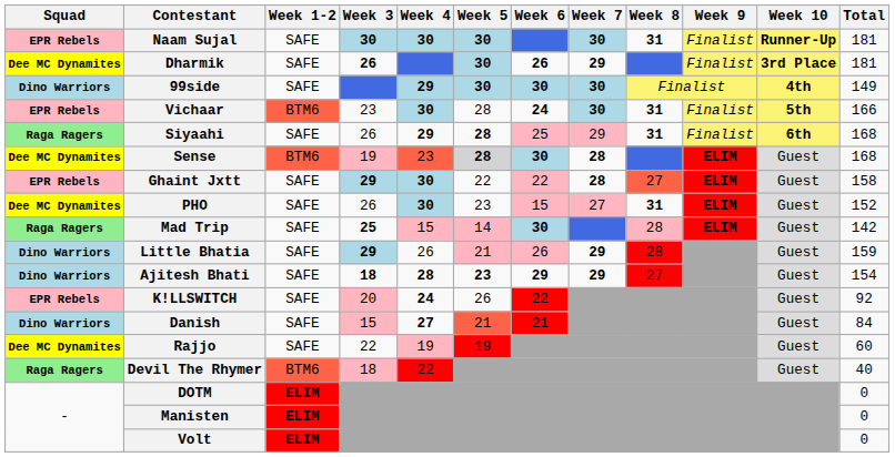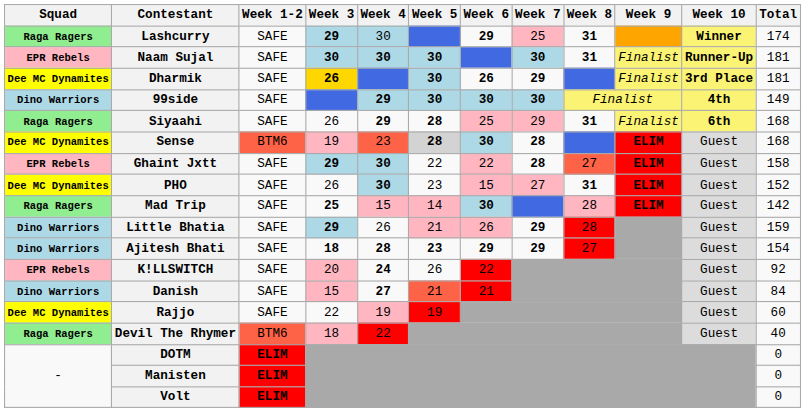 <table class="wikitable sortable" style="text-align:center; font-size:90%">
 <tr>
 <th>Squad</th>
 <th>Contestant</th>
 <th>Week 1-2</th>
 <th>Week 3</th>
 <th>Week 4</th>
 <th>Week 5</th>
 <th>Week 6</th>
 <th>Week 7</th>
 <th>Week 8</th>
 <th>Week 9</th>
 <th>Week 10</th>
 <th>Total</th>
+</tr>
+<tr>
+<td bgcolor="lightgreen"><strong><small>Raga Ragers</small></strong></td>
+<th>Lashcurry</th>
+<td>SAFE</td>
+<td bgcolor="lightblue"><strong>29</strong></td>
+<td bgcolor="lightblue">30</td>
+<td bgcolor="royalblue"><strong></strong></td>
+<td><strong>29</strong></td>
+<td bgcolor="lightpink">25</td>
+<td><strong>31</strong></td>
+<td bgcolor="orange"><strong></strong></td>
+<td bgcolor="fbf373"><strong>Winner</strong></td>
+<td>174</td>
 </tr>
 <tr>
 <td bgcolor="lightpink"><strong><small>EPR Rebels</small></strong></td>
 <th>Naam Sujal</th>
 <td>SAFE</td>
 <td bgcolor="lightblue"><strong>30</strong></td>
 <td bgcolor="lightblue"><strong>30</strong></td>
 <td bgcolor="lightblue"><strong>30</strong></td>
 <td bgcolor="royalblue"><strong></strong></td>
 <td bgcolor="lightblue"><strong>30</strong></td>
 <td><strong>31</strong></td>
 <td bgcolor="#fbf373"><em>Finalist</em></td>
 <td bgcolor="fbf373"><strong>Runner-Up</strong></td>
 <td>181</td>
 </tr>
 <tr>
 <td bgcolor="yellow"><strong><small>Dee MC Dynamites</small></strong></td>
 <th>Dharmik</th>
 <td>SAFE</td>
-<td><strong>26</strong></td>
+<td style="background: gold;"><strong>26</strong></td>
 <td bgcolor="royalblue"><strong></strong></td>
 <td bgcolor="lightblue"><strong>30</strong></td>
 <td><strong>26</strong></td>
 <td><strong>29</strong></td>
 <td bgcolor="royalblue"><strong></strong></td>
 <td bgcolor="fbf373"><em>Finalist</em></td>
 <td bgcolor="fbf373"><strong>3rd Place</strong></td>
 <td>181</td>
 </tr>
 <tr>
 <td bgcolor="lightblue"><strong><small>Dino Warriors</small></strong></td>
 <th>99side</th>
 <td>SAFE</td>
 <td bgcolor="royalblue"><strong></strong></td>
 <td bgcolor="lightblue"><strong>29</strong></td>
 <td bgcolor="lightblue"><strong>30</strong></td>
 <td bgcolor="lightblue"><strong>30</strong></td>
 <td bgcolor="lightblue"><strong>30</strong></td>
 <td colspan="2" bgcolor="fbf373"><em>Finalist</em></td>
 <td bgcolor="fbf373"><strong>4th</strong></td>
 <td>149</td>
-</tr>
-<tr>
-<td bgcolor="lightpink"><strong><small>EPR Rebels</small></strong></td>
-<th>Vichaar</th>
-<td bgcolor="tomato">BTM6</td>
-<td>23</td>
-<td bgcolor="lightblue"><strong>30</strong></td>
-<td>28</td>
-<td><strong>24</strong></td>
-<td bgcolor="lightblue"><strong>30</strong></td>
-<td><strong>31</strong></td>
-<td bgcolor="#fbf373"><em>Finalist</em></td>
-<td bgcolor="fbf373"><strong>5th</strong></td>
-<td>166</td>
 </tr>
 <tr>
 <td bgcolor="lightgreen"><strong><small>Raga Ragers</small></strong></td>
 <th>Siyaahi</th>
 <td>SAFE</td>
 <td>26</td>
 <td><strong>29</strong></td>
 <td><strong>28</strong></td>
 <td bgcolor="lightpink">25</td>
 <td bgcolor="lightpink">29</td>
 <td><strong>31</strong></td>
 <td bgcolor="#fbf373"><em>Finalist</em></td>
 <td bgcolor="fbf373"><strong>6th</strong></td>
 <td>168</td>
 </tr>
 <tr>
 <td bgcolor="yellow"><strong><small>Dee MC Dynamites</small></strong></td>
 <th>Sense</th>
 <td bgcolor="tomato">BTM6</td>
 <td bgcolor="lightpink">19</td>
 <td bgcolor="tomato">23</td>
 <td style="background: lightgrey;"><strong>28</strong></td>
 <td bgcolor="lightblue"><strong>30</strong></td>
 <td><strong>28</strong></td>
 <td bgcolor="royalblue"><strong></strong></td>
 <td bgcolor="red"><strong>ELIM</strong></td>
 <td bgcolor="Gainsboro">Guest</td>
 <td>168</td>
 </tr>
 <tr>
 <td bgcolor="lightpink"><strong><small>EPR Rebels</small></strong></td>
 <th>Ghaint Jxtt</th>
 <td>SAFE</td>
 <td bgcolor="lightblue"><strong>29</strong></td>
 <td bgcolor="lightblue"><strong>30</strong></td>
 <td>22</td>
 <td bgcolor="lightpink">22</td>
 <td><strong>28</strong></td>
 <td bgcolor="tomato">27</td>
 <td bgcolor="red"><strong>ELIM</strong></td>
 <td bgcolor="Gainsboro">Guest</td>
 <td>158</td>
 </tr>
 <tr>
 <td bgcolor="yellow"><strong><small>Dee MC Dynamites</small></strong></td>
 <th>PHO</th>
 <td>SAFE</td>
 <td>26</td>
 <td bgcolor="lightblue"><strong>30</strong></td>
 <td>23</td>
 <td bgcolor="lightpink">15</td>
 <td bgcolor="lightpink">27</td>
 <td><strong>31</strong></td>
 <td bgcolor="red"><strong>ELIM</strong></td>
 <td bgcolor="Gainsboro">Guest</td>
 <td>152</td>
 </tr>
 <tr>
 <td bgcolor="lightgreen"><strong><small>Raga Ragers</small></strong></td>
 <th>Mad Trip</th>
 <td>SAFE</td>
 <td><strong>25</strong></td>
 <td bgcolor="lightpink">15</td>
 <td bgcolor="lightpink">14</td>
 <td bgcolor="lightblue"><strong>30</strong></td>
 <td bgcolor="royalblue"><strong></strong></td>
 <td bgcolor="lightpink">28</td>
 <td bgcolor="red"><strong>ELIM</strong></td>
 <td bgcolor="Gainsboro">Guest</td>
 <td>142</td>
 </tr>
 <tr>
 <td bgcolor="lightblue"><strong><small>Dino Warriors</small></strong></td>
 <th>Little Bhatia</th>
 <td>SAFE</td>
 <td bgcolor="lightblue"><strong>29</strong></td>
 <td>26</td>
 <td bgcolor="lightpink">21</td>
 <td bgcolor="lightpink">26</td>
 <td><strong>29</strong></td>
 <td bgcolor="red">28</td>
 <td rowspan="2" bgcolor="darkgrey"></td>
 <td bgcolor="Gainsboro">Guest</td>
 <td>159</td>
 </tr>
 <tr>
 <td bgcolor="lightblue"><strong><small>Dino Warriors</small></strong></td>
 <th>Ajitesh Bhati</th>
 <td>SAFE</td>
 <td><strong>18</strong></td>
 <td><strong>28</strong></td>
 <td><strong>23</strong></td>
 <td><strong>29</strong></td>
 <td><strong>29</strong></td>
 <td bgcolor="red">27</td>
 <td bgcolor="Gainsboro">Guest</td>
 <td>154</td>
 </tr>
 <tr>
 <td bgcolor="lightpink"><strong><small>EPR Rebels</small></strong></td>
 <th>K!LLSWITCH</th>
 <td>SAFE</td>
 <td bgcolor="lightpink">20</td>
 <td><strong>24</strong></td>
 <td>26</td>
 <td bgcolor="red">22</td>
 <td colspan="3" rowspan="2" bgcolor="darkgrey"></td>
 <td bgcolor="Gainsboro">Guest</td>
 <td>92</td>
 </tr>
 <tr>
 <td bgcolor="lightblue"><strong><small>Dino Warriors</small></strong></td>
 <th>Danish</th>
 <td>SAFE</td>
 <td bgcolor="lightpink">15</td>
 <td><strong>27</strong></td>
 <td bgcolor="tomato">21</td>
 <td bgcolor="red">21</td>
 <td bgcolor="Gainsboro">Guest</td>
 <td>84</td>
 </tr>
 <tr>
 <td bgcolor="yellow"><strong><small>Dee MC Dynamites</small></strong></td>
 <th>Rajjo</th>
 <td>SAFE</td>
 <td>22</td>
 <td bgcolor="lightpink">19</td>
 <td bgcolor="red">19</td>
 <td colspan="4" bgcolor="darkgrey"></td>
 <td bgcolor="Gainsboro">Guest</td>
 <td>60</td>
 </tr>
 <tr>
 <td bgcolor="lightgreen"><strong><small>Raga Ragers</small></strong></td>
 <th>Devil The Rhymer</th>
 <td bgcolor="tomato">BTM6</td>
 <td bgcolor="lightpink">18</td>
 <td bgcolor="red">22</td>
 <td colspan="5" bgcolor="darkgrey"></td>
 <td bgcolor="Gainsboro">Guest</td>
 <td>40</td>
 </tr>
 <tr>
 <td rowspan="3">-</td>
 <th>DOTM</th>
 <td bgcolor="red"><strong>ELIM</strong></td>
 <td colspan="8" rowspan="3" bgcolor="darkgrey"></td>
 <td>0</td>
 </tr>
 <tr>
 <th>Manisten</th>
 <td bgcolor="red"><strong>ELIM</strong></td>
 <td>0</td>
 </tr>
 <tr>
 <th>Volt</th>
 <td bgcolor="red"><strong>ELIM</strong></td>
 <td>0</td>
 </tr>
 </table>
